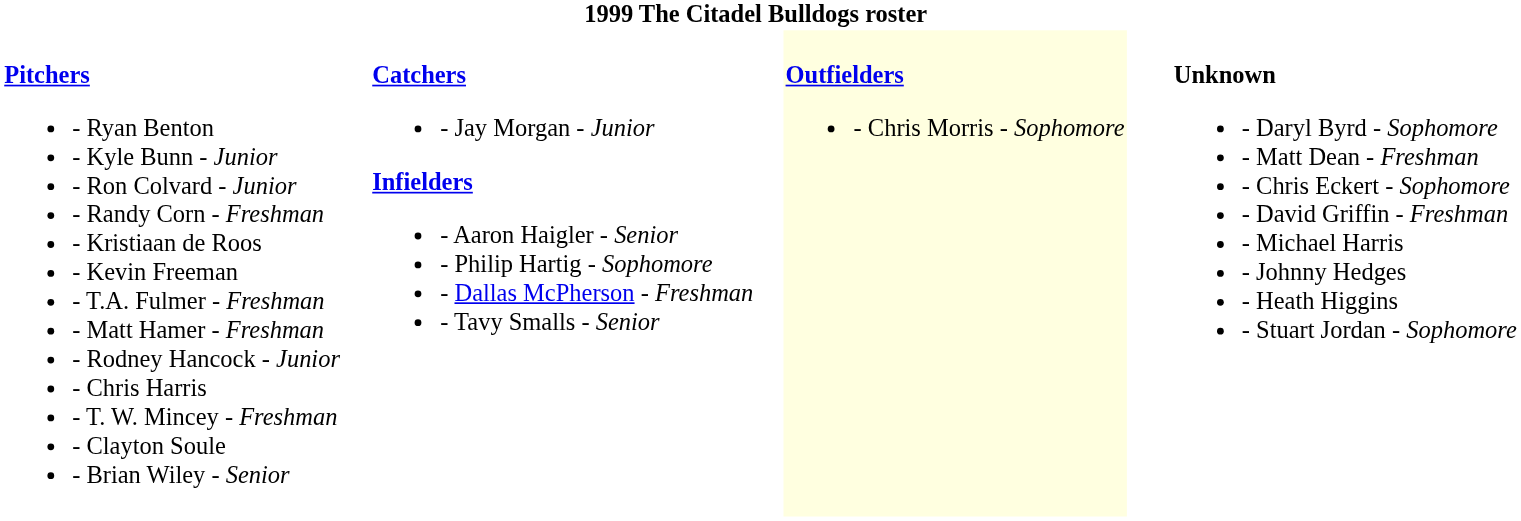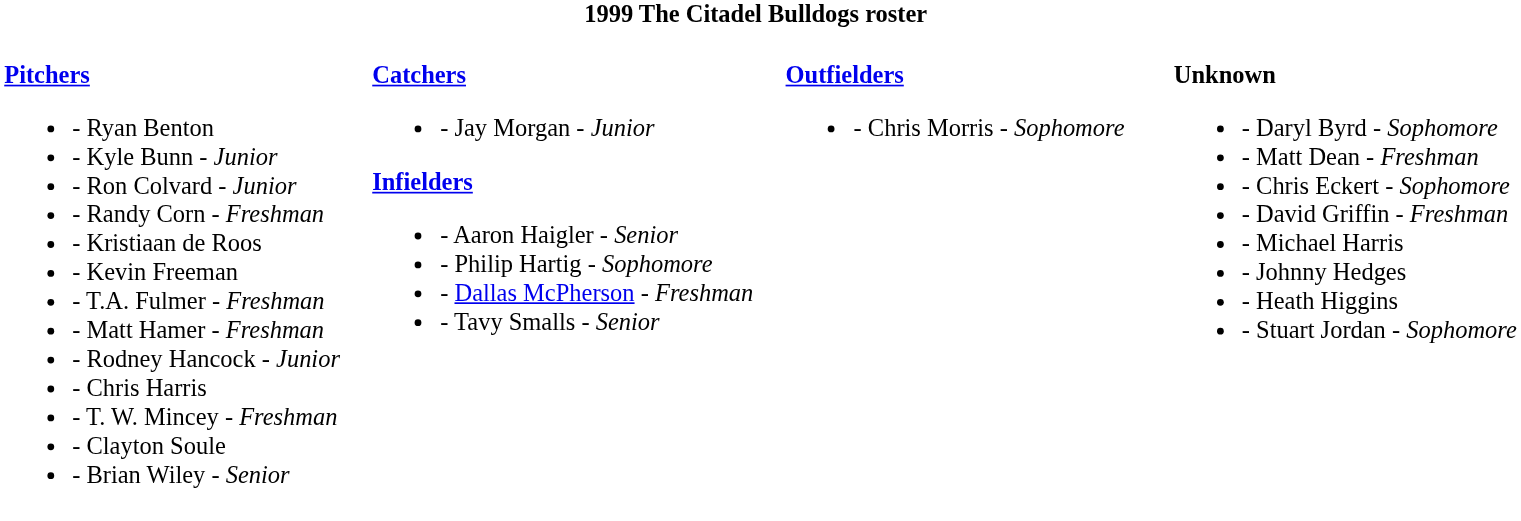 <table class="toccolours" style="border-collapse:collapse; font-size:90%;">
 <tr>
 <th colspan="9">1999 The Citadel Bulldogs roster</th>
 </tr>
 <tr>
 <td width="03"> </td>
 <td valign="top"><br><strong><a href='#'>Pitchers</a></strong><ul><li>- Ryan Benton</li><li>- Kyle Bunn - <em>Junior</em></li><li>- Ron Colvard - <em>Junior</em></li><li>- Randy Corn - <em>Freshman</em></li><li>- Kristiaan de Roos</li><li>- Kevin Freeman</li><li>- T.A. Fulmer - <em>Freshman</em></li><li>- Matt Hamer - <em>Freshman</em></li><li>- Rodney Hancock - <em>Junior</em></li><li>- Chris Harris</li><li>- T. W. Mincey - <em>Freshman</em></li><li>- Clayton Soule</li><li>- Brian Wiley - <em>Senior</em></li></ul></td>
 <td width="15"> </td>
 <td valign="top"><br><strong><a href='#'>Catchers</a></strong><ul><li>- Jay Morgan - <em>Junior</em></li></ul><strong><a href='#'>Infielders</a></strong><ul><li>- Aaron Haigler - <em>Senior</em></li><li>- Philip Hartig - <em>Sophomore</em></li><li>- <a href='#'>Dallas McPherson</a> - <em>Freshman</em></li><li>- Tavy Smalls - <em>Senior</em></li></ul></td>
 <td width="15"> </td>
-<td valign="top" style="background: lightyellow;"><br><strong><a href='#'>Outfielders</a></strong><ul><li>- Chris Morris - <em>Sophomore</em></li></ul></td>
+<td valign="top"><br><strong><a href='#'>Outfielders</a></strong><ul><li>- Chris Morris - <em>Sophomore</em></li></ul></td>
 <td width="25"> </td>
 <td valign="top"><br><strong>Unknown</strong><ul><li>- Daryl Byrd - <em>Sophomore</em></li><li>- Matt Dean - <em>Freshman</em></li><li>- Chris Eckert - <em>Sophomore</em></li><li>- David Griffin - <em>Freshman</em></li><li>- Michael Harris</li><li>- Johnny Hedges</li><li>- Heath Higgins</li><li>- Stuart Jordan - <em>Sophomore</em></li></ul></td>
 </tr>
 </table>
